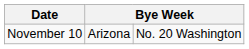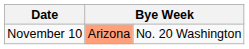 <table class="wikitable" style="font-size:95%;">
 <tr>
 <th>Date</th>
 <th colspan="2">Bye Week</th>
 </tr>
 <tr>
 <td>November 10</td>
-<td>Arizona</td>
+<td style="background: lightsalmon;">Arizona</td>
 <td>No. 20 Washington</td>
 </tr>
 </table>
